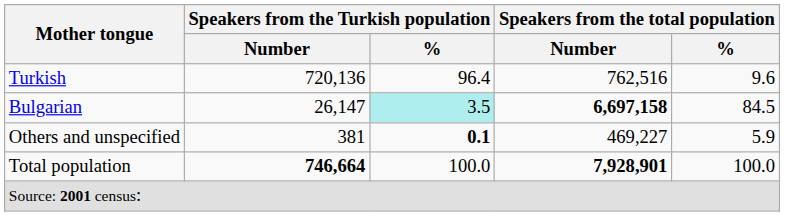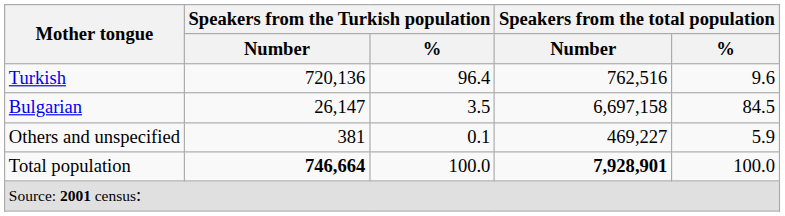 <table class="wikitable">
 <tr style="background:#e0e0e0;">
 <th rowspan="2">Mother tongue</th>
 <th colspan="2">Speakers from the Turkish population</th>
 <th colspan="2">Speakers from the total population</th>
 </tr>
 <tr style="background:#e0e0e0;">
 <th>Number</th>
 <th>%</th>
 <th>Number</th>
 <th>%</th>
 </tr>
 <tr>
 <td><a href='#'>Turkish</a></td>
 <td style="text-align:right;">720,136</td>
 <td style="text-align:right;">96.4</td>
 <td style="text-align:right;">762,516</td>
 <td style="text-align:right;">9.6</td>
 </tr>
 <tr>
 <td><a href='#'>Bulgarian</a></td>
 <td style="text-align:right;">26,147</td>
-<td style="background: paleturquoise; text-align:right;">3.5</td>
-<td style="text-align:right;"><strong>6,697,158</strong></td>
+<td style="text-align:right;">3.5</td>
+<td style="text-align:right;">6,697,158</td>
 <td style="text-align:right;">84.5</td>
 </tr>
 <tr>
 <td>Others and unspecified</td>
 <td style="text-align:right;">381</td>
-<td style="text-align:right;"><strong>0.1</strong></td>
+<td style="text-align:right;">0.1</td>
 <td style="text-align:right;">469,227</td>
 <td style="text-align:right;">5.9</td>
 </tr>
 <tr>
 <td>Total population</td>
 <td style="text-align:right;"><strong>746,664</strong></td>
 <td style="text-align:right;">100.0</td>
 <td style="text-align:right;"><strong>7,928,901</strong></td>
 <td style="text-align:right;">100.0</td>
 </tr>
 <tr style="background:#e0e0e0;">
 <td colspan=5><small>Source: <strong>2001</strong> census</small>:</td>
 </tr>
 </table>
